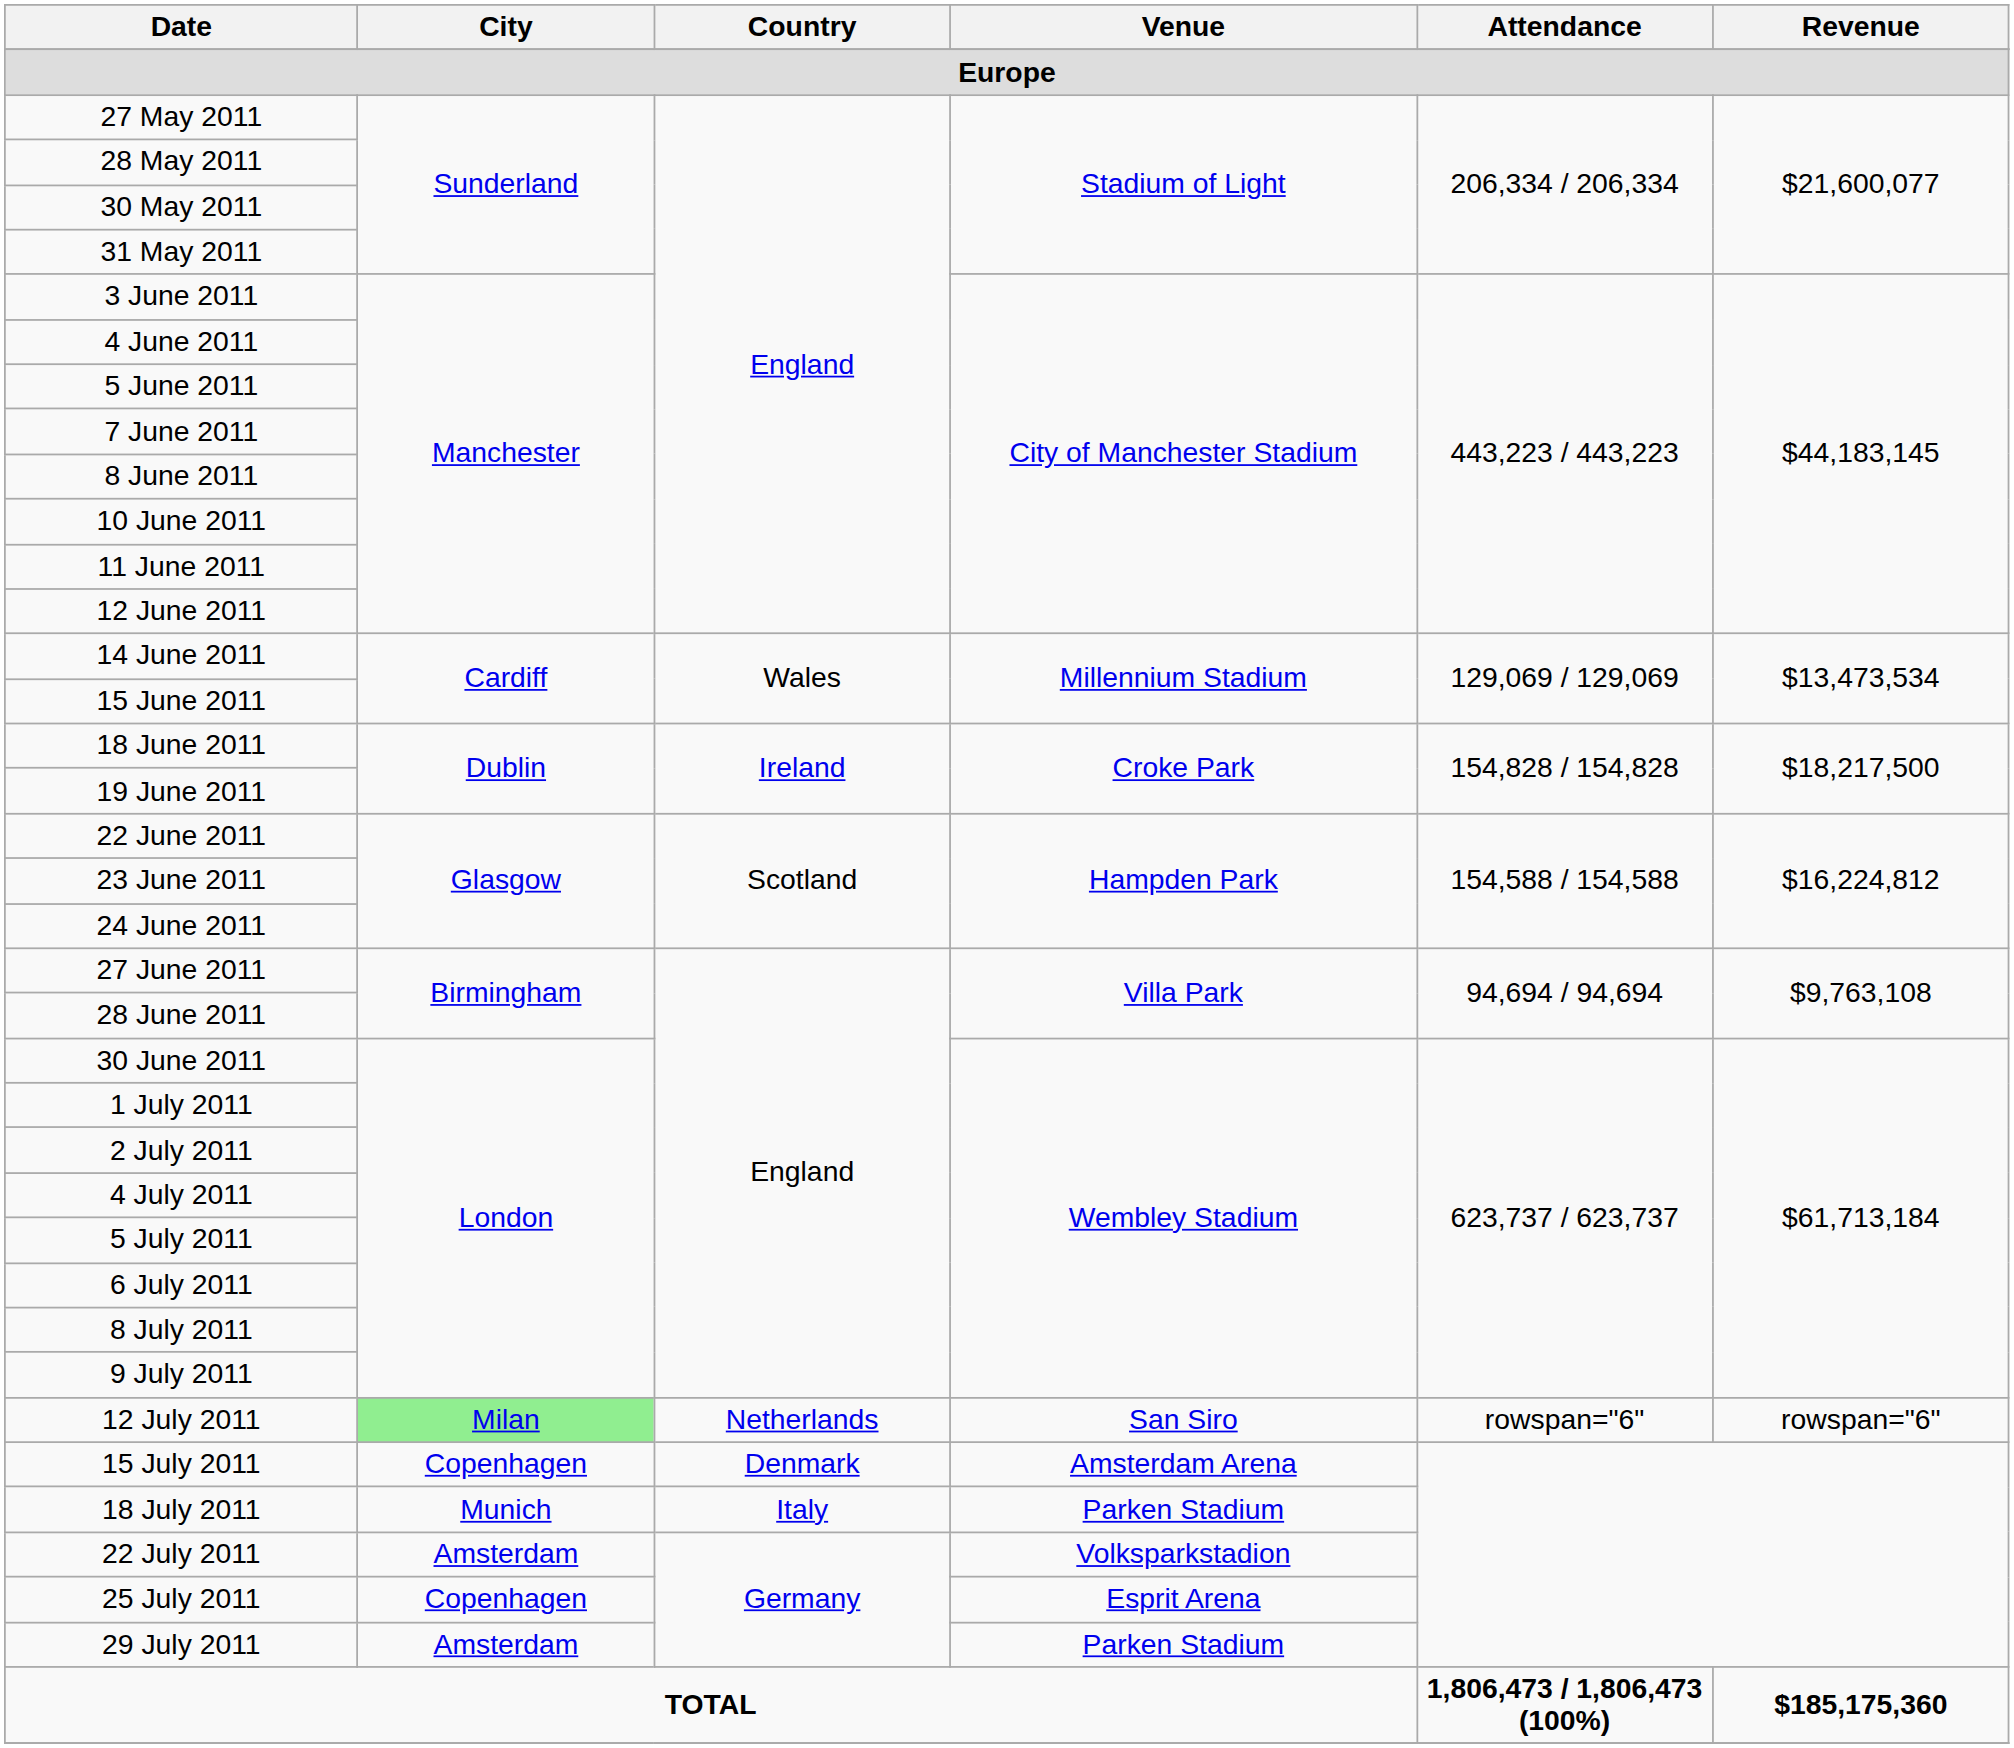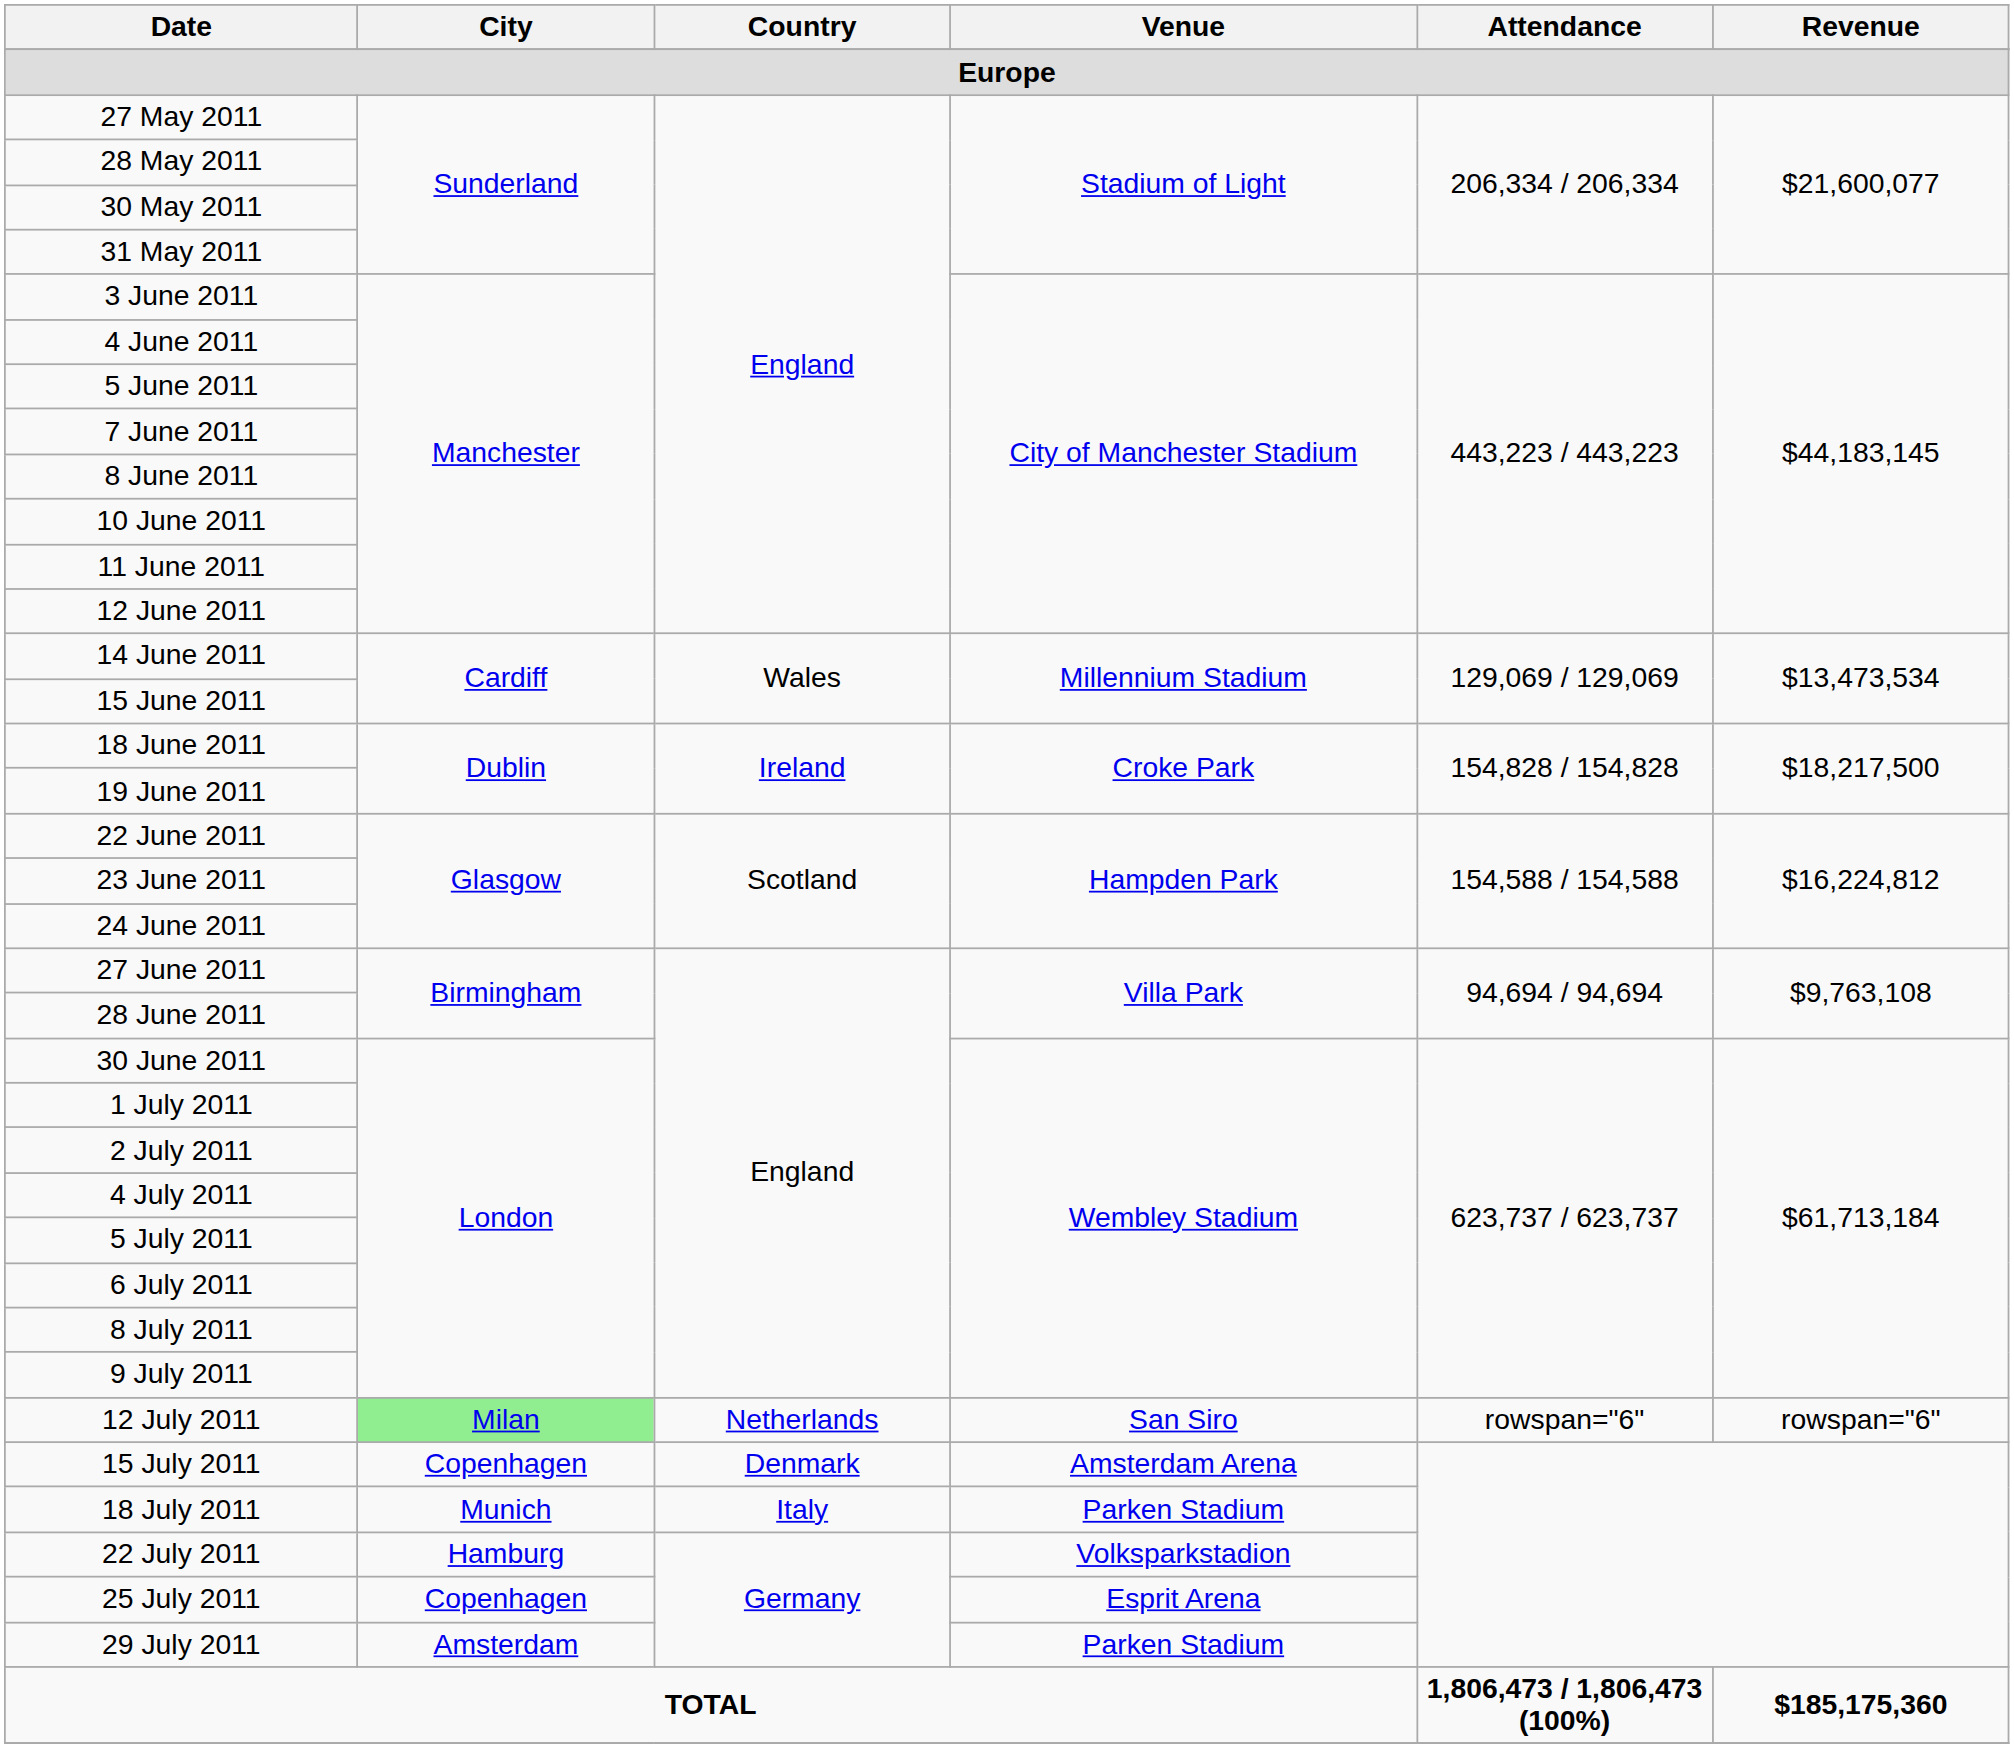 <table class="wikitable plainrowheaders" style="text-align:center;">
 <tr>
 <th scope="col" style="width:12em;">Date</th>
 <th scope="col" style="width:10em;">City</th>
 <th scope="col" style="width:10em;">Country</th>
 <th scope="col" style="width:16em;">Venue</th>
 <th scope="col" style="width:10em;">Attendance</th>
 <th scope="col" style="width:10em;">Revenue</th>
 </tr>
 <tr>
 </tr>
 <tr style="background:#ddd;">
 <td colspan="6"><strong>Europe</strong></td>
 </tr>
 <tr>
 <td>27 May 2011</td>
 <td rowspan="4"><a href='#'>Sunderland</a></td>
 <td rowspan=12><a href='#'>England</a></td>
 <td rowspan="4"><a href='#'>Stadium of Light</a></td>
 <td rowspan="4">206,334 / 206,334</td>
 <td rowspan="4">$21,600,077</td>
 </tr>
 <tr>
 <td>28 May 2011</td>
 </tr>
 <tr>
 <td>30 May 2011</td>
 </tr>
 <tr>
 <td>31 May 2011</td>
 </tr>
 <tr>
 <td>3 June 2011</td>
 <td rowspan="8"><a href='#'>Manchester</a></td>
 <td rowspan="8"><a href='#'>City of Manchester Stadium</a></td>
 <td rowspan="8">443,223 / 443,223</td>
 <td rowspan="8">$44,183,145</td>
 </tr>
 <tr>
 <td>4 June 2011</td>
 </tr>
 <tr>
 <td>5 June 2011</td>
 </tr>
 <tr>
 <td>7 June 2011</td>
 </tr>
 <tr>
 <td>8 June 2011</td>
 </tr>
 <tr>
 <td>10 June 2011</td>
 </tr>
 <tr>
 <td>11 June 2011</td>
 </tr>
 <tr>
 <td>12 June 2011</td>
 </tr>
 <tr>
 <td>14 June 2011</td>
 <td rowspan="2"><a href='#'>Cardiff</a></td>
 <td rowspan="2">Wales</td>
 <td rowspan="2"><a href='#'>Millennium Stadium</a></td>
 <td rowspan="2">129,069 / 129,069</td>
 <td rowspan="2">$13,473,534</td>
 </tr>
 <tr>
 <td>15 June 2011</td>
 </tr>
 <tr>
 <td>18 June 2011</td>
 <td rowspan="2"><a href='#'>Dublin</a></td>
 <td rowspan="2"><a href='#'>Ireland</a></td>
 <td rowspan="2"><a href='#'>Croke Park</a></td>
 <td rowspan="2">154,828 / 154,828</td>
 <td rowspan="2">$18,217,500</td>
 </tr>
 <tr>
 <td>19 June 2011</td>
 </tr>
 <tr>
 <td>22 June 2011</td>
 <td rowspan="3"><a href='#'>Glasgow</a></td>
 <td rowspan="3">Scotland</td>
 <td rowspan="3"><a href='#'>Hampden Park</a></td>
 <td rowspan="3">154,588 / 154,588</td>
 <td rowspan="3">$16,224,812</td>
 </tr>
 <tr>
 <td>23 June 2011</td>
 </tr>
 <tr>
 <td>24 June 2011</td>
 </tr>
 <tr>
 <td>27 June 2011</td>
 <td rowspan="2"><a href='#'>Birmingham</a></td>
 <td rowspan="10">England</td>
 <td rowspan="2"><a href='#'>Villa Park</a></td>
 <td rowspan="2">94,694 / 94,694</td>
 <td rowspan="2">$9,763,108</td>
 </tr>
 <tr>
 <td>28 June 2011</td>
 </tr>
 <tr>
 <td>30 June 2011</td>
 <td rowspan="8"><a href='#'>London</a></td>
 <td rowspan="8"><a href='#'>Wembley Stadium</a></td>
 <td rowspan="8">623,737 / 623,737</td>
 <td rowspan="8">$61,713,184</td>
 </tr>
 <tr>
 <td>1 July 2011</td>
 </tr>
 <tr>
 <td>2 July 2011</td>
 </tr>
 <tr>
 <td>4 July 2011</td>
 </tr>
 <tr>
 <td>5 July 2011</td>
 </tr>
 <tr>
 <td>6 July 2011</td>
 </tr>
 <tr>
 <td>8 July 2011</td>
 </tr>
 <tr>
 <td>9 July 2011</td>
 </tr>
 <tr>
 <td>12 July 2011</td>
 <td style="background: lightgreen;"><a href='#'>Milan</a></td>
 <td><a href='#'>Netherlands</a></td>
 <td><a href='#'>San Siro</a></td>
 <td>rowspan="6" </td>
 <td>rowspan="6" </td>
 </tr>
 <tr>
 <td>15 July 2011</td>
 <td><a href='#'>Copenhagen</a></td>
 <td><a href='#'>Denmark</a></td>
 <td><a href='#'>Amsterdam Arena</a></td>
 </tr>
 <tr>
 <td>18 July 2011</td>
 <td><a href='#'>Munich</a></td>
 <td><a href='#'>Italy</a></td>
 <td><a href='#'>Parken Stadium</a></td>
 </tr>
 <tr>
 <td>22 July 2011</td>
-<td><a href='#'>Amsterdam</a></td>
+<td><a href='#'>Hamburg</a></td>
 <td rowspan="3"><a href='#'>Germany</a></td>
 <td><a href='#'>Volksparkstadion</a></td>
 </tr>
 <tr>
 <td>25 July 2011</td>
 <td><a href='#'>Copenhagen</a></td>
 <td><a href='#'>Esprit Arena</a></td>
 </tr>
 <tr>
 <td>29 July 2011</td>
 <td><a href='#'>Amsterdam</a></td>
 <td><a href='#'>Parken Stadium</a></td>
 </tr>
 <tr>
 <td colspan="4"><strong>TOTAL</strong></td>
 <td><strong>1,806,473 / 1,806,473 (100%)</strong></td>
 <td><strong>$185,175,360</strong></td>
 </tr>
 <tr>
 </tr>
 </table>
